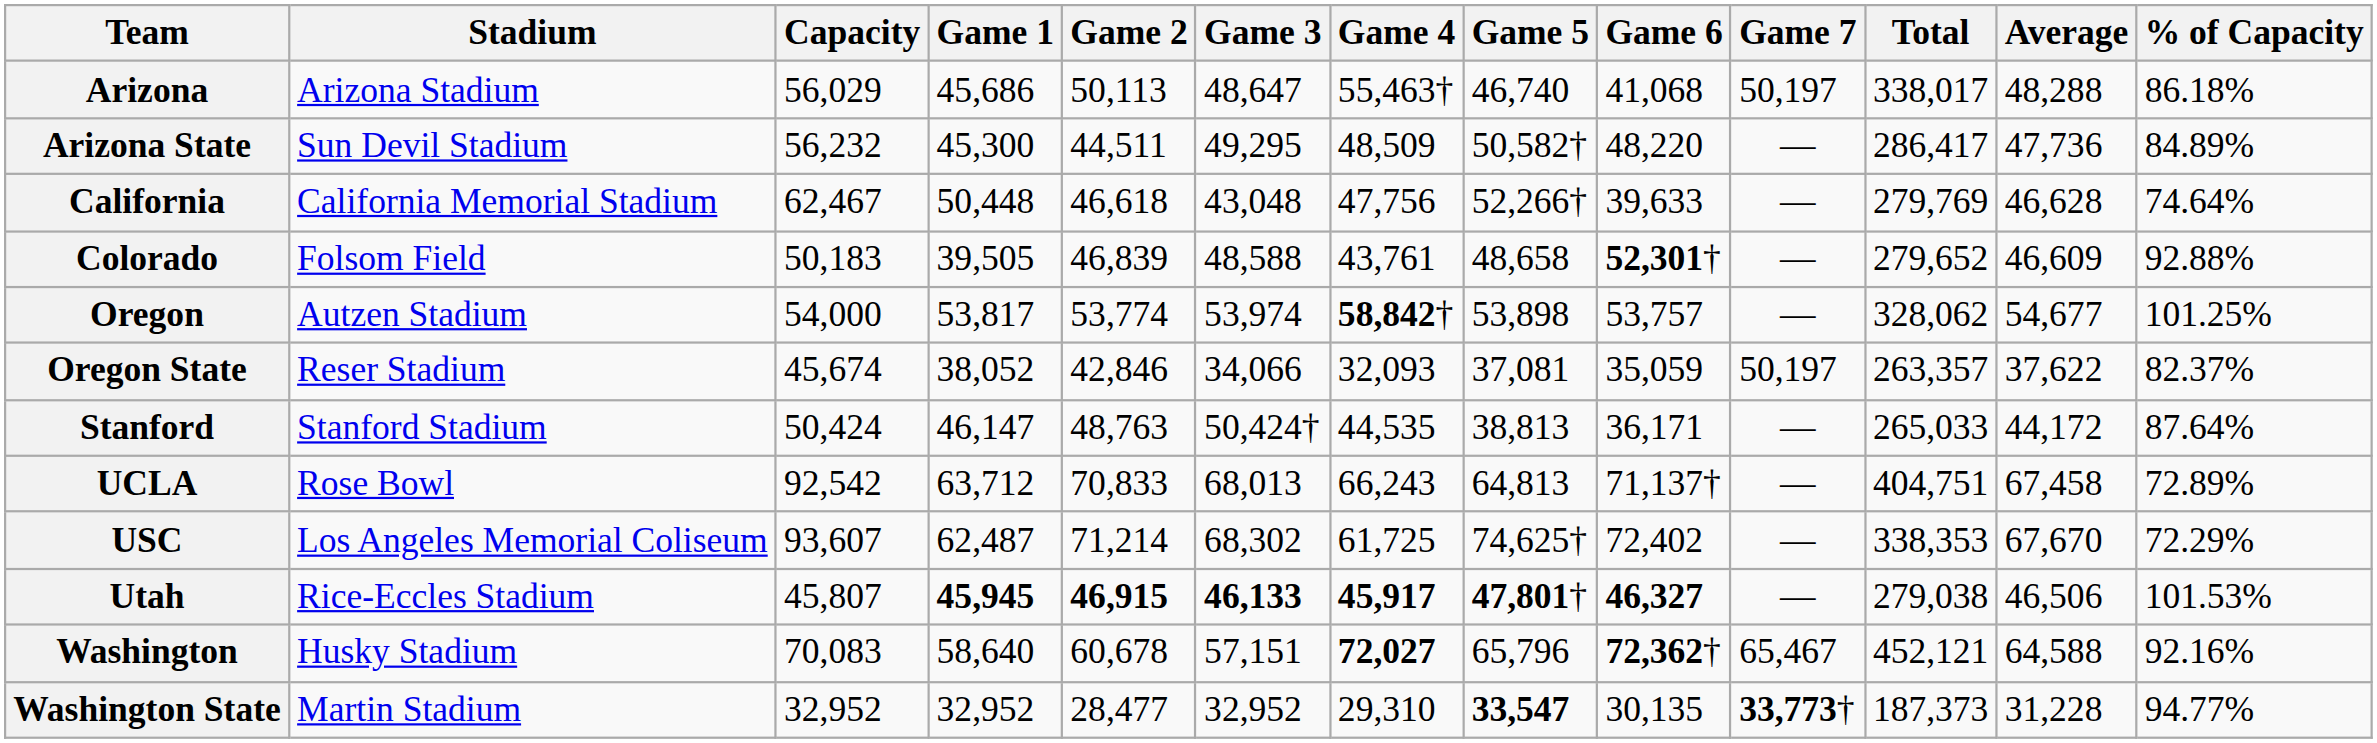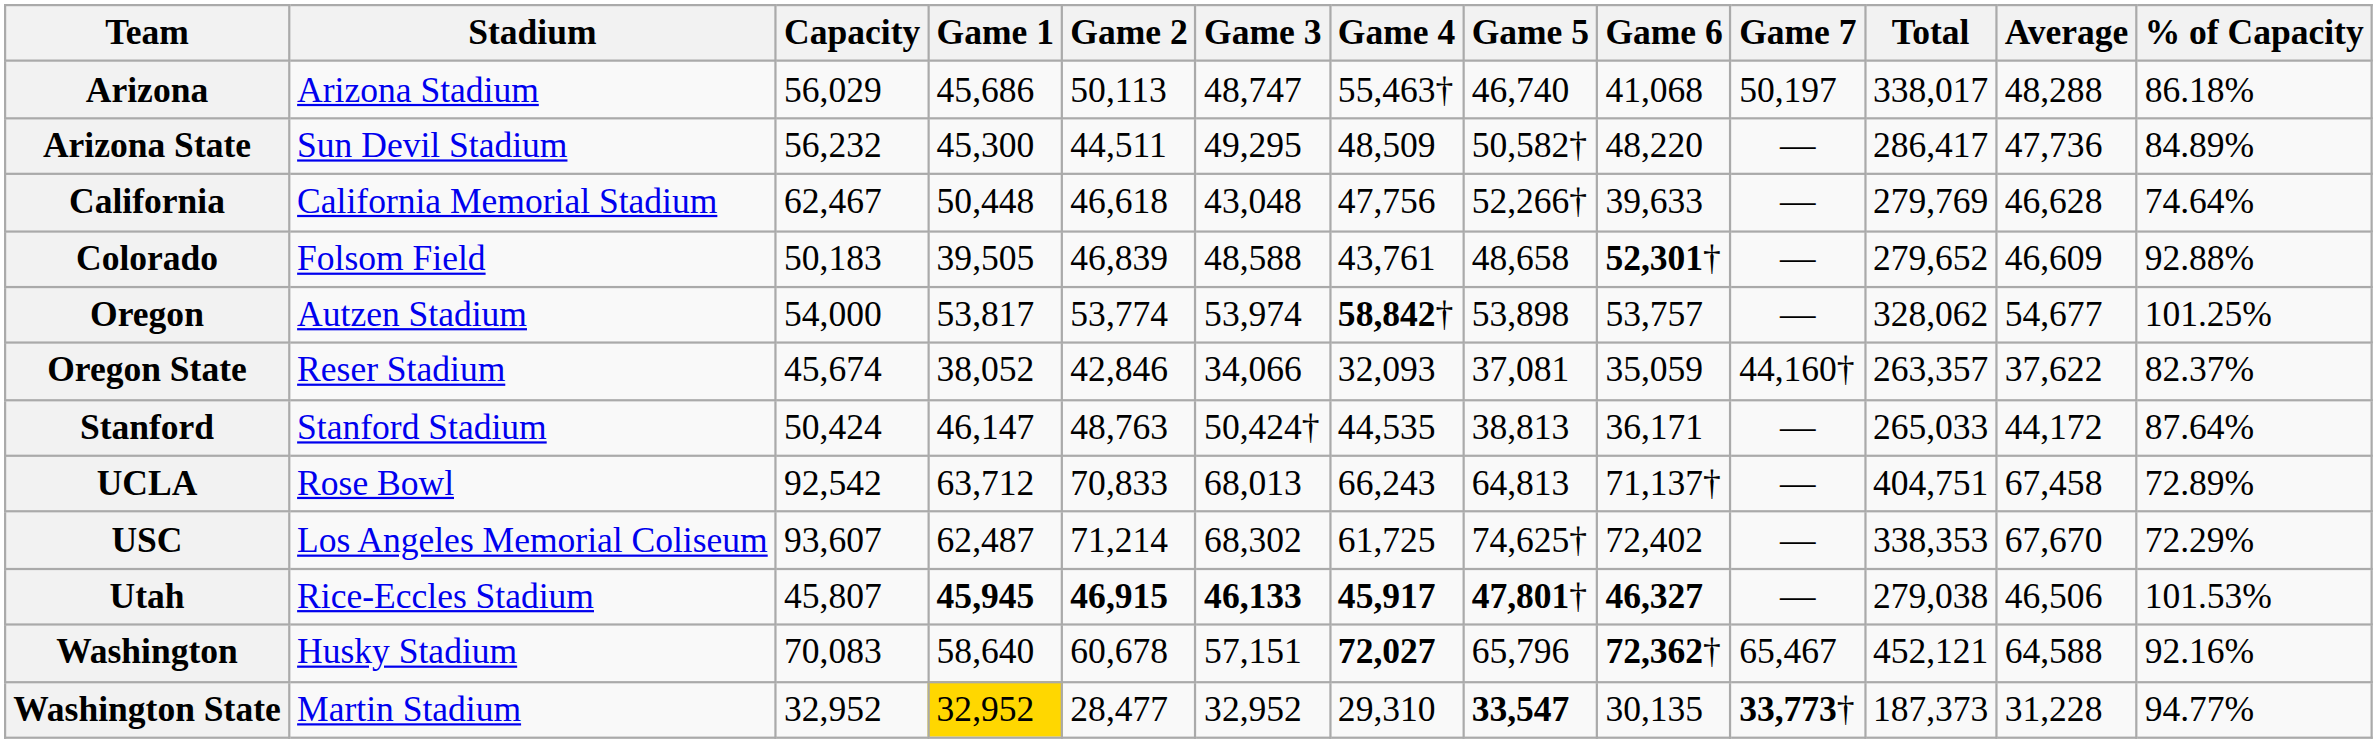 <table class="wikitable">
 <tr>
 <th>Team</th>
 <th>Stadium</th>
 <th>Capacity</th>
 <th>Game 1</th>
 <th>Game 2</th>
 <th>Game 3</th>
 <th>Game 4</th>
 <th>Game 5</th>
 <th>Game 6</th>
 <th>Game 7</th>
 <th>Total</th>
 <th>Average</th>
 <th>% of Capacity</th>
 </tr>
 <tr>
 <th>Arizona</th>
 <td><a href='#'>Arizona Stadium</a></td>
 <td>56,029</td>
 <td>45,686</td>
 <td>50,113</td>
-<td>48,647</td>
+<td>48,747</td>
 <td>55,463†</td>
 <td>46,740</td>
 <td>41,068</td>
 <td>50,197</td>
 <td>338,017</td>
 <td>48,288</td>
 <td>86.18%</td>
 </tr>
 <tr>
 <th>Arizona State</th>
 <td><a href='#'>Sun Devil Stadium</a></td>
 <td>56,232</td>
 <td>45,300</td>
 <td>44,511</td>
 <td>49,295</td>
 <td>48,509</td>
 <td>50,582†</td>
 <td>48,220</td>
 <td style="text-align:center;">—</td>
 <td>286,417</td>
 <td>47,736</td>
 <td>84.89%</td>
 </tr>
 <tr>
 <th>California</th>
 <td><a href='#'>California Memorial Stadium</a></td>
 <td>62,467</td>
 <td>50,448</td>
 <td>46,618</td>
 <td>43,048</td>
 <td>47,756</td>
 <td>52,266†</td>
 <td>39,633</td>
 <td style="text-align:center;">—</td>
 <td>279,769</td>
 <td>46,628</td>
 <td>74.64%</td>
 </tr>
 <tr>
 <th>Colorado</th>
 <td><a href='#'>Folsom Field</a></td>
 <td>50,183</td>
 <td>39,505</td>
 <td>46,839</td>
 <td>48,588</td>
 <td>43,761</td>
 <td>48,658</td>
 <td><strong>52,301</strong>†</td>
 <td style="text-align:center;">—</td>
 <td>279,652</td>
 <td>46,609</td>
 <td>92.88%</td>
 </tr>
 <tr>
 <th>Oregon</th>
 <td><a href='#'>Autzen Stadium</a></td>
 <td>54,000</td>
 <td>53,817</td>
 <td>53,774</td>
 <td>53,974</td>
 <td><strong>58,842</strong>†</td>
 <td>53,898</td>
 <td>53,757</td>
 <td style="text-align:center;">—</td>
 <td>328,062</td>
 <td>54,677</td>
 <td>101.25%</td>
 </tr>
 <tr>
 <th>Oregon State</th>
 <td><a href='#'>Reser Stadium</a></td>
 <td>45,674</td>
 <td>38,052</td>
 <td>42,846</td>
 <td>34,066</td>
 <td>32,093</td>
 <td>37,081</td>
 <td>35,059</td>
-<td>50,197</td>
+<td>44,160†</td>
 <td>263,357</td>
 <td>37,622</td>
 <td>82.37%</td>
 </tr>
 <tr>
 <th>Stanford</th>
 <td><a href='#'>Stanford Stadium</a></td>
 <td>50,424</td>
 <td>46,147</td>
 <td>48,763</td>
 <td>50,424†</td>
 <td>44,535</td>
 <td>38,813</td>
 <td>36,171</td>
 <td style="text-align:center;">—</td>
 <td>265,033</td>
 <td>44,172</td>
 <td>87.64%</td>
 </tr>
 <tr>
 <th>UCLA</th>
 <td><a href='#'>Rose Bowl</a></td>
 <td>92,542</td>
 <td>63,712</td>
 <td>70,833</td>
 <td>68,013</td>
 <td>66,243</td>
 <td>64,813</td>
 <td>71,137†</td>
 <td style="text-align:center;">—</td>
 <td>404,751</td>
 <td>67,458</td>
 <td>72.89%</td>
 </tr>
 <tr>
 <th>USC</th>
 <td><a href='#'>Los Angeles Memorial Coliseum</a></td>
 <td>93,607</td>
 <td>62,487</td>
 <td>71,214</td>
 <td>68,302</td>
 <td>61,725</td>
 <td>74,625†</td>
 <td>72,402</td>
 <td style="text-align:center;">—</td>
 <td>338,353</td>
 <td>67,670</td>
 <td>72.29%</td>
 </tr>
 <tr>
 <th>Utah</th>
 <td><a href='#'>Rice-Eccles Stadium</a></td>
 <td>45,807</td>
 <td><strong>45,945</strong></td>
 <td><strong>46,915</strong></td>
 <td><strong>46,133</strong></td>
 <td><strong>45,917</strong></td>
 <td><strong>47,801</strong>†</td>
 <td><strong>46,327</strong></td>
 <td style="text-align:center;">—</td>
 <td>279,038</td>
 <td>46,506</td>
 <td>101.53%</td>
 </tr>
 <tr>
 <th>Washington</th>
 <td><a href='#'>Husky Stadium</a></td>
 <td>70,083</td>
 <td>58,640</td>
 <td>60,678</td>
 <td>57,151</td>
 <td><strong>72,027</strong></td>
 <td>65,796</td>
 <td><strong>72,362</strong>†</td>
 <td>65,467</td>
 <td>452,121</td>
 <td>64,588</td>
 <td>92.16%</td>
 </tr>
 <tr>
 <th><strong>Washington State</strong></th>
 <td><a href='#'>Martin Stadium</a></td>
 <td>32,952</td>
-<td>32,952</td>
+<td style="background: gold;">32,952</td>
 <td>28,477</td>
 <td>32,952</td>
 <td>29,310</td>
 <td><strong>33,547 </strong></td>
 <td>30,135</td>
 <td><strong>33,773</strong>†</td>
 <td>187,373</td>
 <td>31,228</td>
 <td>94.77%</td>
 </tr>
 </table>
